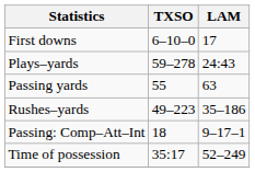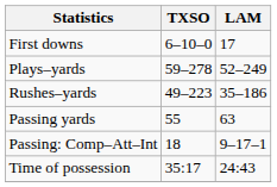 <table class="wikitable" style="float: left;">
 <tr>
 <th>Statistics</th>
 <th>TXSO</th>
 <th>LAM</th>
 </tr>
 <tr>
 <td>First downs</td>
 <td>6–10–0</td>
 <td>17</td>
 </tr>
 <tr>
 <td>Plays–yards</td>
 <td>59–278</td>
-<td>24:43</td>
+<td>52–249</td>
+</tr>
+<tr>
+<td>Rushes–yards</td>
+<td>49–223</td>
+<td>35–186</td>
 </tr>
 <tr>
 <td>Passing yards</td>
 <td>55</td>
 <td>63</td>
-</tr>
-<tr>
-<td>Rushes–yards</td>
-<td>49–223</td>
-<td>35–186</td>
 </tr>
 <tr>
 <td>Passing: Comp–Att–Int</td>
 <td>18</td>
 <td>9–17–1</td>
 </tr>
 <tr>
 <td>Time of possession</td>
 <td>35:17</td>
-<td>52–249</td>
+<td>24:43</td>
 </tr>
 <tr>
 </tr>
 </table>
